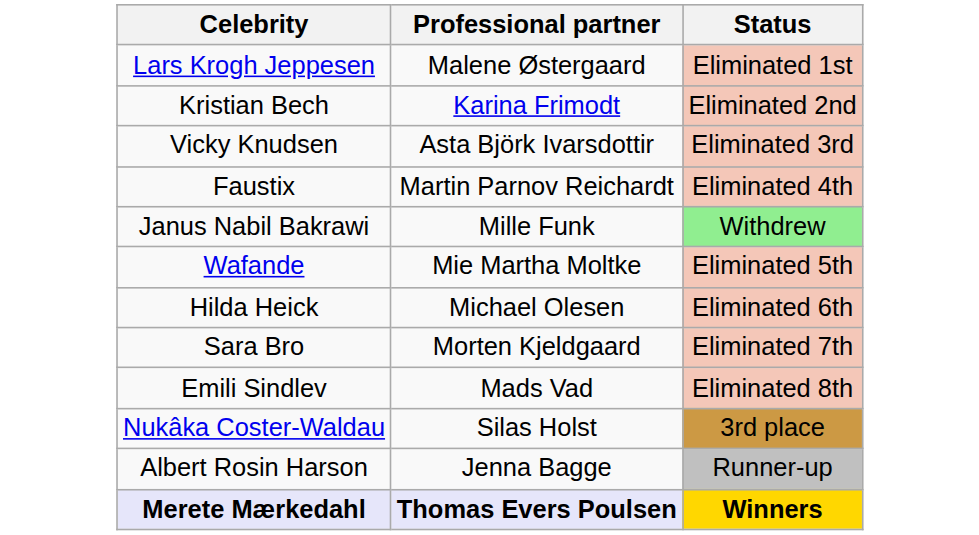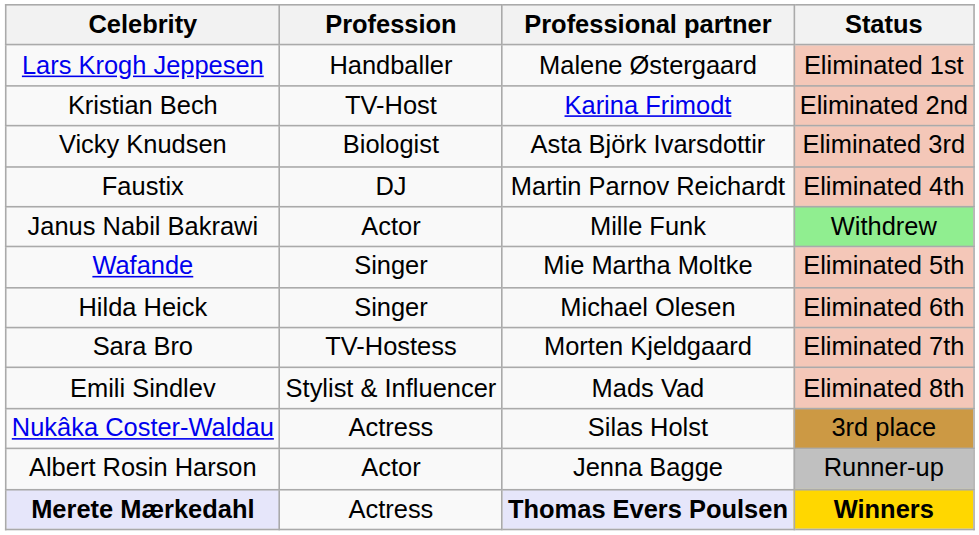 <table class= "wikitable sortable" style="text-align: center; margin:auto; align: center">
 <tr>
 <th>Celebrity</th>
+<th>Profession</th>
 <th>Professional partner</th>
 <th>Status</th>
 </tr>
 <tr>
 <td><a href='#'>Lars Krogh Jeppesen</a></td>
+<td>Handballer</td>
 <td>Malene Østergaard</td>
 <td style="background:#f4c7b8;">Eliminated 1st</td>
 </tr>
 <tr>
 <td>Kristian Bech</td>
+<td>TV-Host</td>
 <td><a href='#'>Karina Frimodt</a></td>
 <td style="background:#f4c7b8;">Eliminated 2nd</td>
 </tr>
 <tr>
 <td>Vicky Knudsen</td>
+<td>Biologist</td>
 <td>Asta Björk Ivarsdottir</td>
 <td style="background:#f4c7b8;">Eliminated 3rd</td>
 </tr>
 <tr>
 <td>Faustix</td>
+<td>DJ</td>
 <td>Martin Parnov Reichardt</td>
 <td style="background:#f4c7b8;">Eliminated 4th</td>
 </tr>
 <tr>
 <td>Janus Nabil Bakrawi</td>
+<td>Actor</td>
 <td>Mille Funk</td>
 <td style="background:lightgreen;">Withdrew</td>
 </tr>
 <tr>
 <td><a href='#'>Wafande</a></td>
+<td>Singer</td>
 <td>Mie Martha Moltke</td>
 <td style="background:#f4c7b8;">Eliminated 5th</td>
 </tr>
 <tr>
 <td>Hilda Heick</td>
+<td>Singer</td>
 <td>Michael Olesen</td>
 <td style="background:#f4c7b8;">Eliminated 6th</td>
 </tr>
 <tr>
 <td>Sara Bro</td>
+<td>TV-Hostess</td>
 <td>Morten Kjeldgaard</td>
 <td style="background:#f4c7b8;">Eliminated 7th</td>
 </tr>
 <tr>
 <td>Emili Sindlev</td>
+<td>Stylist & Influencer</td>
 <td>Mads Vad</td>
 <td style="background:#f4c7b8;">Eliminated 8th</td>
 </tr>
 <tr>
 <td><a href='#'>Nukâka Coster-Waldau</a></td>
+<td>Actress</td>
 <td>Silas Holst</td>
 <td style="background:#c94;">3rd place</td>
 </tr>
 <tr>
 <td>Albert Rosin Harson</td>
+<td>Actor</td>
 <td>Jenna Bagge</td>
 <td style="background:silver;">Runner-up</td>
 </tr>
 <tr>
 <td style="background:lavender;"><strong>Merete Mærkedahl</strong></td>
+<td>Actress</td>
 <td style="background:lavender;"><strong>Thomas Evers Poulsen</strong></td>
 <td style="background:gold;"><strong>Winners</strong></td>
 </tr>
 </table>
